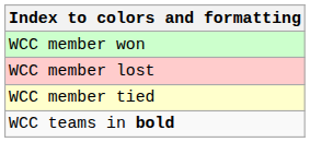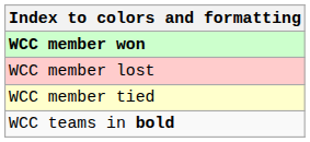 <table class="wikitable">
 <tr>
 <th>Index to colors and formatting</th>
 </tr>
 <tr style="background:#cfc;">
-<td>WCC member won</td>
+<td><strong>WCC member won</strong></td>
 </tr>
 <tr style="background:#fcc;">
 <td>WCC member lost</td>
 </tr>
 <tr style="background:#ffc;">
 <td>WCC member tied</td>
 </tr>
 <tr>
 <td>WCC teams in <strong>bold</strong></td>
 </tr>
 </table>
